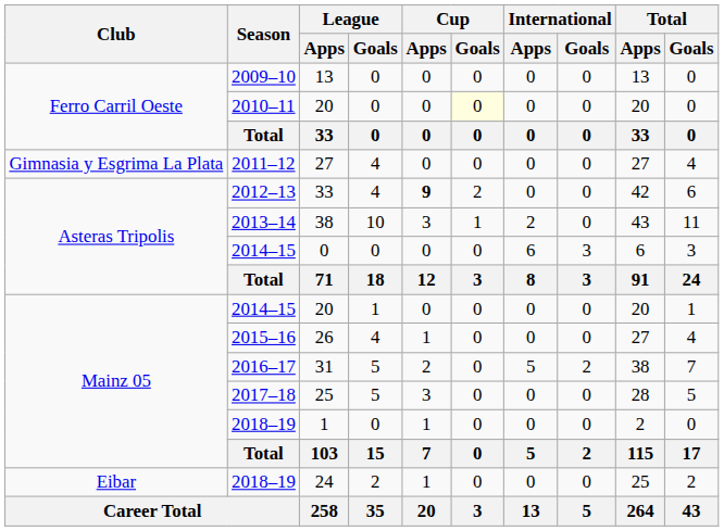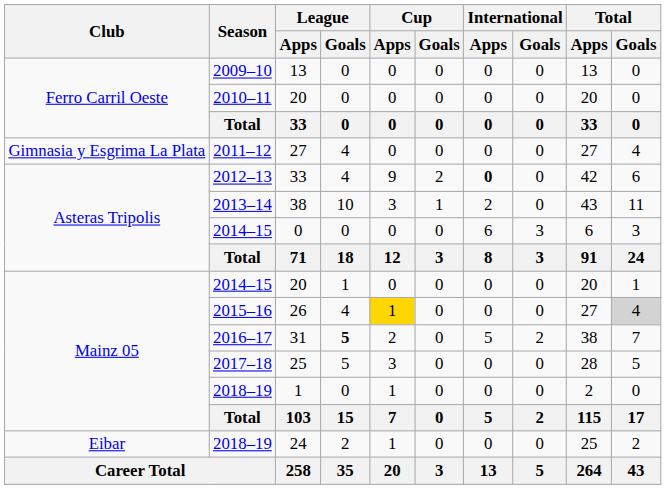 <table class="wikitable" style="text-align: center;">
 <tr>
 <th rowspan="2">Club</th>
 <th rowspan="2">Season</th>
 <th colspan="2">League</th>
 <th colspan="2">Cup</th>
 <th colspan="2">International</th>
 <th colspan="2">Total</th>
 </tr>
 <tr>
 <th>Apps</th>
 <th>Goals</th>
 <th>Apps</th>
 <th>Goals</th>
 <th>Apps</th>
 <th>Goals</th>
 <th>Apps</th>
 <th>Goals</th>
 </tr>
 <tr>
 <td rowspan="3" valign="center"><a href='#'>Ferro Carril Oeste</a></td>
 <td><a href='#'>2009–10</a></td>
 <td>13</td>
 <td>0</td>
 <td>0</td>
 <td>0</td>
 <td>0</td>
 <td>0</td>
 <td>13</td>
 <td>0</td>
 </tr>
 <tr>
 <td><a href='#'>2010–11</a></td>
 <td>20</td>
 <td>0</td>
 <td>0</td>
-<td style="background: lightyellow;">0</td>
+<td>0</td>
 <td>0</td>
 <td>0</td>
 <td>20</td>
 <td>0</td>
 </tr>
 <tr>
 <th>Total</th>
 <th>33</th>
 <th>0</th>
 <th>0</th>
 <th>0</th>
 <th>0</th>
 <th>0</th>
 <th>33</th>
 <th>0</th>
 </tr>
 <tr>
 <td rowspan="1" valign="center"><a href='#'>Gimnasia y Esgrima La Plata</a></td>
 <td><a href='#'>2011–12</a></td>
 <td>27</td>
 <td>4</td>
 <td>0</td>
 <td>0</td>
 <td>0</td>
 <td>0</td>
 <td>27</td>
 <td>4</td>
 </tr>
 <tr>
 <td rowspan="4" valign="center"><a href='#'>Asteras Tripolis</a></td>
 <td><a href='#'>2012–13</a></td>
 <td>33</td>
 <td>4</td>
-<td><strong>9</strong></td>
+<td>9</td>
 <td>2</td>
-<td>0</td>
+<td><strong>0</strong></td>
 <td>0</td>
 <td>42</td>
 <td>6</td>
 </tr>
 <tr>
 <td><a href='#'>2013–14</a></td>
 <td>38</td>
 <td>10</td>
 <td>3</td>
 <td>1</td>
 <td>2</td>
 <td>0</td>
 <td>43</td>
 <td>11</td>
 </tr>
 <tr>
 <td><a href='#'>2014–15</a></td>
 <td>0</td>
 <td>0</td>
 <td>0</td>
 <td>0</td>
 <td>6</td>
 <td>3</td>
 <td>6</td>
 <td>3</td>
 </tr>
 <tr>
 <th>Total</th>
 <th>71</th>
 <th>18</th>
 <th>12</th>
 <th>3</th>
 <th>8</th>
 <th>3</th>
 <th>91</th>
 <th>24</th>
 </tr>
 <tr>
 <td rowspan="6" valign="center"><a href='#'>Mainz 05</a></td>
 <td><a href='#'>2014–15</a></td>
 <td>20</td>
 <td>1</td>
 <td>0</td>
 <td>0</td>
 <td>0</td>
 <td>0</td>
 <td>20</td>
 <td>1</td>
 </tr>
 <tr>
 <td><a href='#'>2015–16</a></td>
 <td>26</td>
 <td>4</td>
-<td>1</td>
+<td style="background: gold;">1</td>
 <td>0</td>
 <td>0</td>
 <td>0</td>
 <td>27</td>
-<td>4</td>
+<td style="background: lightgrey;">4</td>
 </tr>
 <tr>
 <td><a href='#'>2016–17</a></td>
 <td>31</td>
-<td>5</td>
+<td><strong>5</strong></td>
 <td>2</td>
 <td>0</td>
 <td>5</td>
 <td>2</td>
 <td>38</td>
 <td>7</td>
 </tr>
 <tr>
 <td><a href='#'>2017–18</a></td>
 <td>25</td>
 <td>5</td>
 <td>3</td>
 <td>0</td>
 <td>0</td>
 <td>0</td>
 <td>28</td>
 <td>5</td>
 </tr>
 <tr>
 <td><a href='#'>2018–19</a></td>
 <td>1</td>
 <td>0</td>
 <td>1</td>
 <td>0</td>
 <td>0</td>
 <td>0</td>
 <td>2</td>
 <td>0</td>
 </tr>
 <tr>
 <th>Total</th>
 <th>103</th>
 <th>15</th>
 <th>7</th>
 <th>0</th>
 <th>5</th>
 <th>2</th>
 <th>115</th>
 <th>17</th>
 </tr>
 <tr>
 <td rowspan="1" valign="center"><a href='#'>Eibar</a></td>
 <td><a href='#'>2018–19</a></td>
 <td>24</td>
 <td>2</td>
 <td>1</td>
 <td>0</td>
 <td>0</td>
 <td>0</td>
 <td>25</td>
 <td>2</td>
 </tr>
 <tr>
 <th colspan="2"><strong>Career Total</strong></th>
 <th>258</th>
 <th>35</th>
 <th>20</th>
 <th>3</th>
 <th>13</th>
 <th>5</th>
 <th>264</th>
 <th>43</th>
 </tr>
 </table>
